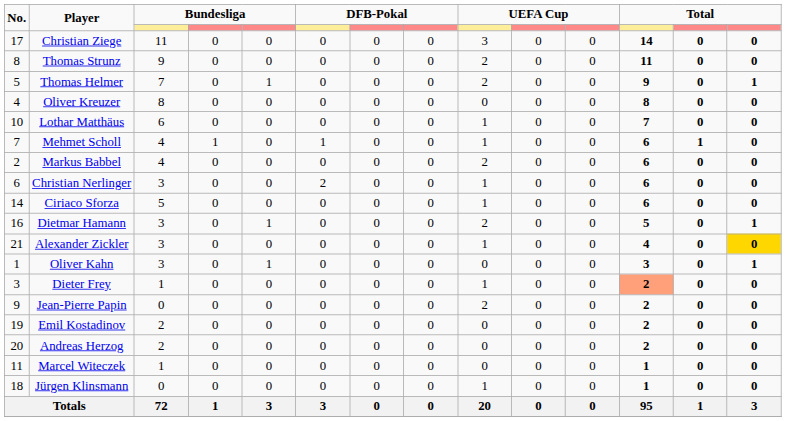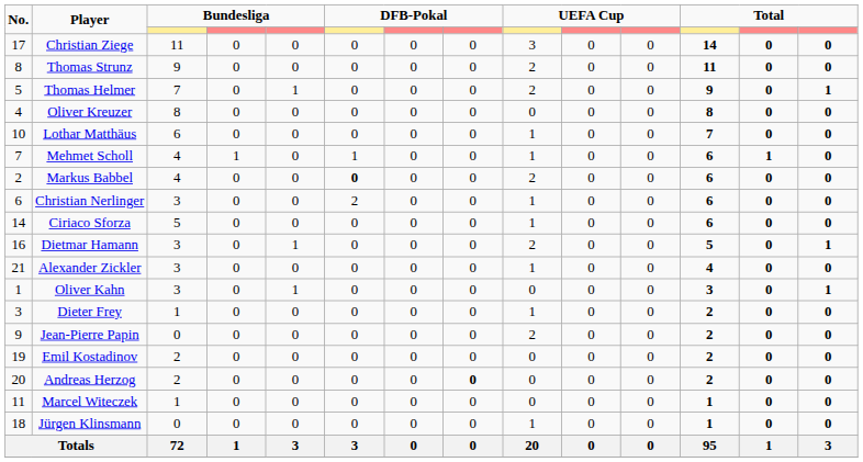 <table class="wikitable" style="text-align:center;">
 <tr style="text-align:center;">
 <td rowspan="2"><strong>No.</strong></td>
 <td rowspan="2"><strong>Player</strong></td>
 <td colspan="3"><strong>Bundesliga</strong></td>
 <td colspan="3"><strong>DFB-Pokal</strong></td>
 <td colspan="3"><strong>UEFA Cup</strong></td>
 <td colspan="3"><strong>Total</strong></td>
 </tr>
 <tr>
 <th style="width:60px; background:#fe9;"></th>
 <th style="width:60px; background:#ff8888;"></th>
 <th style="width:60px; background:#ff8888;"></th>
 <th style="width:60px; background:#fe9;"></th>
 <th style="width:60px; background:#ff8888;"></th>
 <th style="width:60px; background:#ff8888;"></th>
 <th style="width:60px; background:#fe9;"></th>
 <th style="width:60px; background:#ff8888;"></th>
 <th style="width:60px; background:#ff8888;"></th>
 <th style="width:60px; background:#fe9;"></th>
 <th style="width:60px; background:#ff8888;"></th>
 <th style="width:60px; background:#ff8888;"></th>
 </tr>
 <tr>
 <td>17</td>
 <td><a href='#'>Christian Ziege</a></td>
 <td>11</td>
 <td>0</td>
 <td>0</td>
 <td>0</td>
 <td>0</td>
 <td>0</td>
 <td>3</td>
 <td>0</td>
 <td>0</td>
 <td><strong>14</strong></td>
 <td><strong>0</strong></td>
 <td><strong>0</strong></td>
 </tr>
 <tr>
 <td>8</td>
 <td><a href='#'>Thomas Strunz</a></td>
 <td>9</td>
 <td>0</td>
 <td>0</td>
 <td>0</td>
 <td>0</td>
 <td>0</td>
 <td>2</td>
 <td>0</td>
 <td>0</td>
 <td><strong>11</strong></td>
 <td><strong>0</strong></td>
 <td><strong>0</strong></td>
 </tr>
 <tr>
 <td>5</td>
 <td><a href='#'>Thomas Helmer</a></td>
 <td>7</td>
 <td>0</td>
 <td>1</td>
 <td>0</td>
 <td>0</td>
 <td>0</td>
 <td>2</td>
 <td>0</td>
 <td>0</td>
 <td><strong>9</strong></td>
 <td><strong>0</strong></td>
 <td><strong>1</strong></td>
 </tr>
 <tr>
 <td>4</td>
 <td><a href='#'>Oliver Kreuzer</a></td>
 <td>8</td>
 <td>0</td>
 <td>0</td>
 <td>0</td>
 <td>0</td>
 <td>0</td>
 <td>0</td>
 <td>0</td>
 <td>0</td>
 <td><strong>8</strong></td>
 <td><strong>0</strong></td>
 <td><strong>0</strong></td>
 </tr>
 <tr>
 <td>10</td>
 <td><a href='#'>Lothar Matthäus</a></td>
 <td>6</td>
 <td>0</td>
 <td>0</td>
 <td>0</td>
 <td>0</td>
 <td>0</td>
 <td>1</td>
 <td>0</td>
 <td>0</td>
 <td><strong>7</strong></td>
 <td><strong>0</strong></td>
 <td><strong>0</strong></td>
 </tr>
 <tr>
 <td>7</td>
 <td><a href='#'>Mehmet Scholl</a></td>
 <td>4</td>
 <td>1</td>
 <td>0</td>
 <td>1</td>
 <td>0</td>
 <td>0</td>
 <td>1</td>
 <td>0</td>
 <td>0</td>
 <td><strong>6</strong></td>
 <td><strong>1</strong></td>
 <td><strong>0</strong></td>
 </tr>
 <tr>
 <td>2</td>
 <td><a href='#'>Markus Babbel</a></td>
 <td>4</td>
 <td>0</td>
 <td>0</td>
-<td>0</td>
+<td><strong>0</strong></td>
 <td>0</td>
 <td>0</td>
 <td>2</td>
 <td>0</td>
 <td>0</td>
 <td><strong>6</strong></td>
 <td><strong>0</strong></td>
 <td><strong>0</strong></td>
 </tr>
 <tr>
 <td>6</td>
 <td><a href='#'>Christian Nerlinger</a></td>
 <td>3</td>
 <td>0</td>
 <td>0</td>
 <td>2</td>
 <td>0</td>
 <td>0</td>
 <td>1</td>
 <td>0</td>
 <td>0</td>
 <td><strong>6</strong></td>
 <td><strong>0</strong></td>
 <td><strong>0</strong></td>
 </tr>
 <tr>
 <td>14</td>
 <td><a href='#'>Ciriaco Sforza</a></td>
 <td>5</td>
 <td>0</td>
 <td>0</td>
 <td>0</td>
 <td>0</td>
 <td>0</td>
 <td>1</td>
 <td>0</td>
 <td>0</td>
 <td><strong>6</strong></td>
 <td><strong>0</strong></td>
 <td><strong>0</strong></td>
 </tr>
 <tr>
 <td>16</td>
 <td><a href='#'>Dietmar Hamann</a></td>
 <td>3</td>
 <td>0</td>
 <td>1</td>
 <td>0</td>
 <td>0</td>
 <td>0</td>
 <td>2</td>
 <td>0</td>
 <td>0</td>
 <td><strong>5</strong></td>
 <td><strong>0</strong></td>
 <td><strong>1</strong></td>
 </tr>
 <tr>
 <td>21</td>
 <td><a href='#'>Alexander Zickler</a></td>
 <td>3</td>
 <td>0</td>
 <td>0</td>
 <td>0</td>
 <td>0</td>
 <td>0</td>
 <td>1</td>
 <td>0</td>
 <td>0</td>
 <td><strong>4</strong></td>
 <td><strong>0</strong></td>
-<td style="background: gold;"><strong>0</strong></td>
+<td><strong>0</strong></td>
 </tr>
 <tr>
 <td>1</td>
 <td><a href='#'>Oliver Kahn</a></td>
 <td>3</td>
 <td>0</td>
 <td>1</td>
 <td>0</td>
 <td>0</td>
 <td>0</td>
 <td>0</td>
 <td>0</td>
 <td>0</td>
 <td><strong>3</strong></td>
 <td><strong>0</strong></td>
 <td><strong>1</strong></td>
 </tr>
 <tr>
 <td>3</td>
 <td><a href='#'>Dieter Frey</a></td>
 <td>1</td>
 <td>0</td>
 <td>0</td>
 <td>0</td>
 <td>0</td>
 <td>0</td>
 <td>1</td>
 <td>0</td>
 <td>0</td>
-<td style="background: lightsalmon;"><strong>2</strong></td>
+<td><strong>2</strong></td>
 <td><strong>0</strong></td>
 <td><strong>0</strong></td>
 </tr>
 <tr>
 <td>9</td>
 <td><a href='#'>Jean-Pierre Papin</a></td>
 <td>0</td>
 <td>0</td>
 <td>0</td>
 <td>0</td>
 <td>0</td>
 <td>0</td>
 <td>2</td>
 <td>0</td>
 <td>0</td>
 <td><strong>2</strong></td>
 <td><strong>0</strong></td>
 <td><strong>0</strong></td>
 </tr>
 <tr>
 <td>19</td>
 <td><a href='#'>Emil Kostadinov</a></td>
 <td>2</td>
 <td>0</td>
 <td>0</td>
 <td>0</td>
 <td>0</td>
 <td>0</td>
 <td>0</td>
 <td>0</td>
 <td>0</td>
 <td><strong>2</strong></td>
 <td><strong>0</strong></td>
 <td><strong>0</strong></td>
 </tr>
 <tr>
 <td>20</td>
 <td><a href='#'>Andreas Herzog</a></td>
 <td>2</td>
 <td>0</td>
 <td>0</td>
 <td>0</td>
 <td>0</td>
-<td>0</td>
+<td><strong>0</strong></td>
 <td>0</td>
 <td>0</td>
 <td>0</td>
 <td><strong>2</strong></td>
 <td><strong>0</strong></td>
 <td><strong>0</strong></td>
 </tr>
 <tr>
 <td>11</td>
 <td><a href='#'>Marcel Witeczek</a></td>
 <td>1</td>
 <td>0</td>
 <td>0</td>
 <td>0</td>
 <td>0</td>
 <td>0</td>
 <td>0</td>
 <td>0</td>
 <td>0</td>
 <td><strong>1</strong></td>
 <td><strong>0</strong></td>
 <td><strong>0</strong></td>
 </tr>
 <tr>
 <td>18</td>
 <td><a href='#'>Jürgen Klinsmann</a></td>
 <td>0</td>
 <td>0</td>
 <td>0</td>
 <td>0</td>
 <td>0</td>
 <td>0</td>
 <td>1</td>
 <td>0</td>
 <td>0</td>
 <td><strong>1</strong></td>
 <td><strong>0</strong></td>
 <td><strong>0</strong></td>
 </tr>
 <tr>
 <th colspan="2">Totals</th>
 <th>72</th>
 <th>1</th>
 <th>3</th>
 <th>3</th>
 <th>0</th>
 <th>0</th>
 <th>20</th>
 <th>0</th>
 <th>0</th>
 <th>95</th>
 <th>1</th>
 <th>3</th>
 </tr>
 <tr>
 </tr>
 </table>
